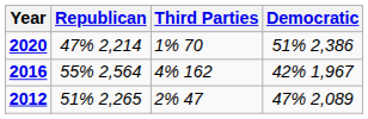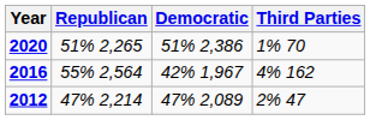 <table class="wikitable">
 <tr>
 <th>Year</th>
 <th><a href='#'>Republican</a></th>
+<th><a href='#'>Democratic</a></th>
 <th><a href='#'>Third Parties</a></th>
-<th><a href='#'>Democratic</a></th>
 </tr>
 <tr>
 <td style="text-align:center; "><strong><a href='#'>2020</a></strong></td>
-<td style="text-align:center; "><em>47%</em> <em>2,214</em></td>
+<td style="text-align:center; "><em>51%</em> <em>2,265</em></td>
+<td style="text-align:center; "><em>51%</em> <em>2,386</em></td>
 <td><em>1%</em> <em>70</em></td>
-<td style="text-align:center; "><em>51%</em> <em>2,386</em></td>
 </tr>
 <tr>
 <td style="text-align:center; "><strong><a href='#'>2016</a></strong></td>
 <td style="text-align:center; "><em>55%</em> <em>2,564</em></td>
+<td style="text-align:center; "><em>42%</em> <em>1,967</em></td>
 <td><em>4%</em> <em>162</em></td>
-<td style="text-align:center; "><em>42%</em> <em>1,967</em></td>
 </tr>
 <tr>
 <td style="text-align:center; "><strong><a href='#'>2012</a></strong></td>
-<td style="text-align:center; "><em>51%</em> <em>2,265</em></td>
+<td style="text-align:center; "><em>47%</em> <em>2,214</em></td>
+<td style="text-align:center; "><em>47%</em> <em>2,089</em></td>
 <td><em>2%</em> <em>47</em></td>
-<td style="text-align:center; "><em>47%</em> <em>2,089</em></td>
 </tr>
 </table>
